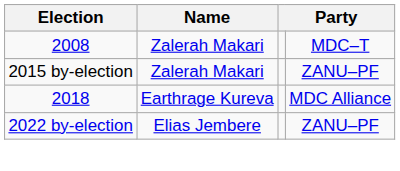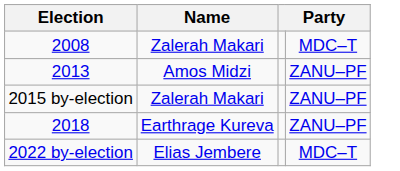 <table class="wikitable" style="text-align:center">
 <tr>
 <th>Election</th>
 <th>Name</th>
 <th colspan="2">Party</th>
 </tr>
 <tr>
 <td><a href='#'>2008</a></td>
 <td><a href='#'>Zalerah Makari</a></td>
 <td style="background-color: "></td>
 <td><a href='#'>MDC–T</a></td>
 </tr>
 <tr>
+<td><a href='#'>2013</a></td>
+<td><a href='#'>Amos Midzi</a></td>
+<td style="background-color: "></td>
+<td><a href='#'>ZANU–PF</a></td>
+</tr>
+<tr>
 <td>2015 by-election</td>
 <td><a href='#'>Zalerah Makari</a></td>
 <td style="background-color: "></td>
 <td><a href='#'>ZANU–PF</a></td>
 </tr>
 <tr>
 <td><a href='#'>2018</a></td>
 <td><a href='#'>Earthrage Kureva</a></td>
 <td style="background-color: "></td>
-<td><a href='#'>MDC Alliance</a></td>
+<td><a href='#'>ZANU–PF</a></td>
 </tr>
 <tr>
 <td><a href='#'>2022 by-election</a></td>
 <td><a href='#'>Elias Jembere</a></td>
 <td style="background-color: "></td>
-<td><a href='#'>ZANU–PF</a></td>
+<td><a href='#'>MDC–T</a></td>
 </tr>
 </table>
